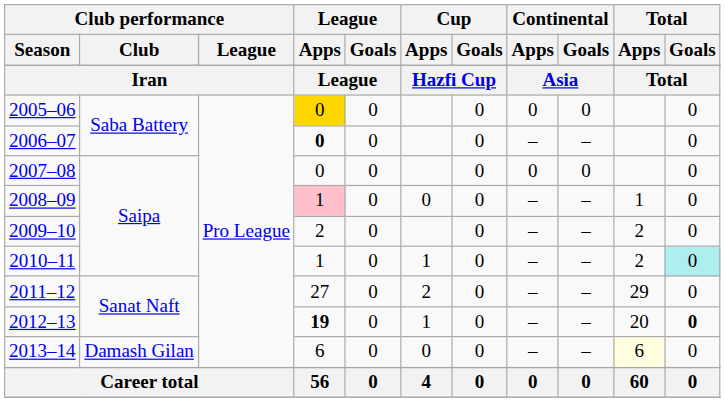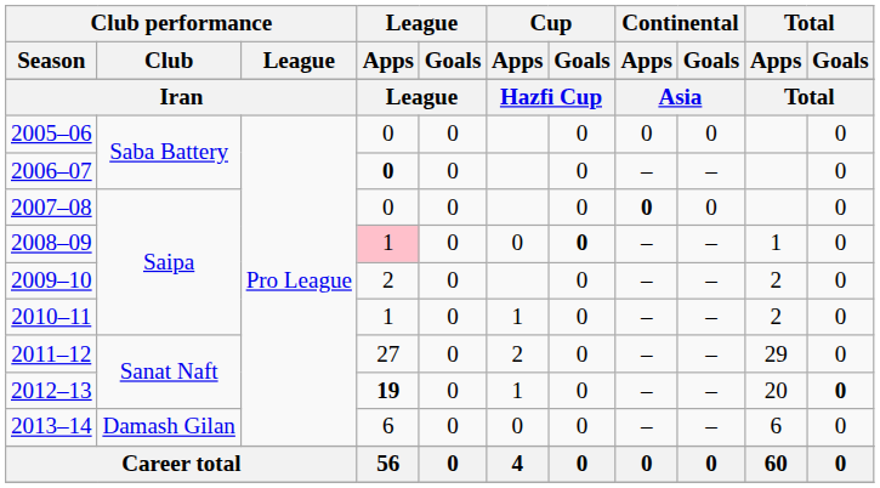 <table class="wikitable" style="text-align:center">
 <tr>
 <th colspan=3>Club performance</th>
 <th colspan=2>League</th>
 <th colspan=2>Cup</th>
 <th colspan=2>Continental</th>
 <th colspan=2>Total</th>
 </tr>
 <tr>
 <th>Season</th>
 <th>Club</th>
 <th>League</th>
 <th>Apps</th>
 <th>Goals</th>
 <th>Apps</th>
 <th>Goals</th>
 <th>Apps</th>
 <th>Goals</th>
 <th>Apps</th>
 <th>Goals</th>
 </tr>
 <tr>
 </tr>
 <tr>
 <th colspan=3>Iran</th>
 <th colspan=2>League</th>
 <th colspan=2><a href='#'>Hazfi Cup</a></th>
 <th colspan=2><a href='#'>Asia</a></th>
 <th colspan=2>Total</th>
 </tr>
 <tr>
 <td><a href='#'>2005–06</a></td>
 <td rowspan="2"><a href='#'>Saba Battery</a></td>
 <td rowspan="9"><a href='#'>Pro League</a></td>
-<td style="background: gold;">0</td>
+<td>0</td>
 <td>0</td>
 <td></td>
 <td>0</td>
 <td>0</td>
 <td>0</td>
 <td></td>
 <td>0</td>
 </tr>
 <tr>
 <td><a href='#'>2006–07</a></td>
 <td><strong>0</strong></td>
 <td>0</td>
 <td></td>
 <td>0</td>
 <td>–</td>
 <td>–</td>
 <td></td>
 <td>0</td>
 </tr>
 <tr>
 <td><a href='#'>2007–08</a></td>
 <td rowspan="4"><a href='#'>Saipa</a></td>
 <td>0</td>
 <td>0</td>
 <td></td>
 <td>0</td>
-<td>0</td>
+<td><strong>0</strong></td>
 <td>0</td>
 <td></td>
 <td>0</td>
 </tr>
 <tr>
 <td><a href='#'>2008–09</a></td>
 <td style="background: pink;">1</td>
 <td>0</td>
 <td>0</td>
-<td>0</td>
+<td><strong>0</strong></td>
 <td>–</td>
 <td>–</td>
 <td>1</td>
 <td>0</td>
 </tr>
 <tr>
 <td><a href='#'>2009–10</a></td>
 <td>2</td>
 <td>0</td>
 <td></td>
 <td>0</td>
 <td>–</td>
 <td>–</td>
 <td>2</td>
 <td>0</td>
 </tr>
 <tr>
 <td><a href='#'>2010–11</a></td>
 <td>1</td>
 <td>0</td>
 <td>1</td>
 <td>0</td>
 <td>–</td>
 <td>–</td>
 <td>2</td>
-<td style="background: paleturquoise;">0</td>
+<td>0</td>
 </tr>
 <tr>
 <td><a href='#'>2011–12</a></td>
 <td rowspan="2"><a href='#'>Sanat Naft</a></td>
 <td>27</td>
 <td>0</td>
 <td>2</td>
 <td>0</td>
 <td>–</td>
 <td>–</td>
 <td>29</td>
 <td>0</td>
 </tr>
 <tr>
 <td><a href='#'>2012–13</a></td>
 <td><strong>19</strong></td>
 <td>0</td>
 <td>1</td>
 <td>0</td>
 <td>–</td>
 <td>–</td>
 <td>20</td>
 <td><strong>0</strong></td>
 </tr>
 <tr>
 <td><a href='#'>2013–14</a></td>
 <td rowspan="1"><a href='#'>Damash Gilan</a></td>
 <td>6</td>
 <td>0</td>
 <td>0</td>
 <td>0</td>
 <td>–</td>
 <td>–</td>
-<td style="background: lightyellow;">6</td>
+<td>6</td>
 <td>0</td>
 </tr>
 <tr>
 </tr>
 <tr>
 <th colspan=3>Career total</th>
 <th>56</th>
 <th>0</th>
 <th>4</th>
 <th>0</th>
 <th>0</th>
 <th>0</th>
 <th>60</th>
 <th>0</th>
 </tr>
 <tr>
 </tr>
 </table>
